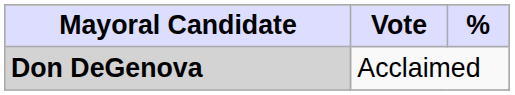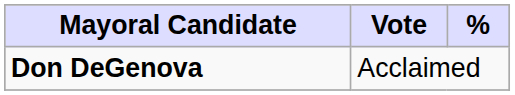 <table class="wikitable">
 <tr>
 <th style="background:#ddf; width:200px;">Mayoral Candidate</th>
 <th style="background:#ddf; width:50px;">Vote</th>
 <th style="background:#ddf; width:30px;">%</th>
 </tr>
 <tr>
-<td style="background: lightgrey;"><strong>Don DeGenova</strong></td>
+<td><strong>Don DeGenova</strong></td>
 <td colspan="2">Acclaimed</td>
 </tr>
 </table>
